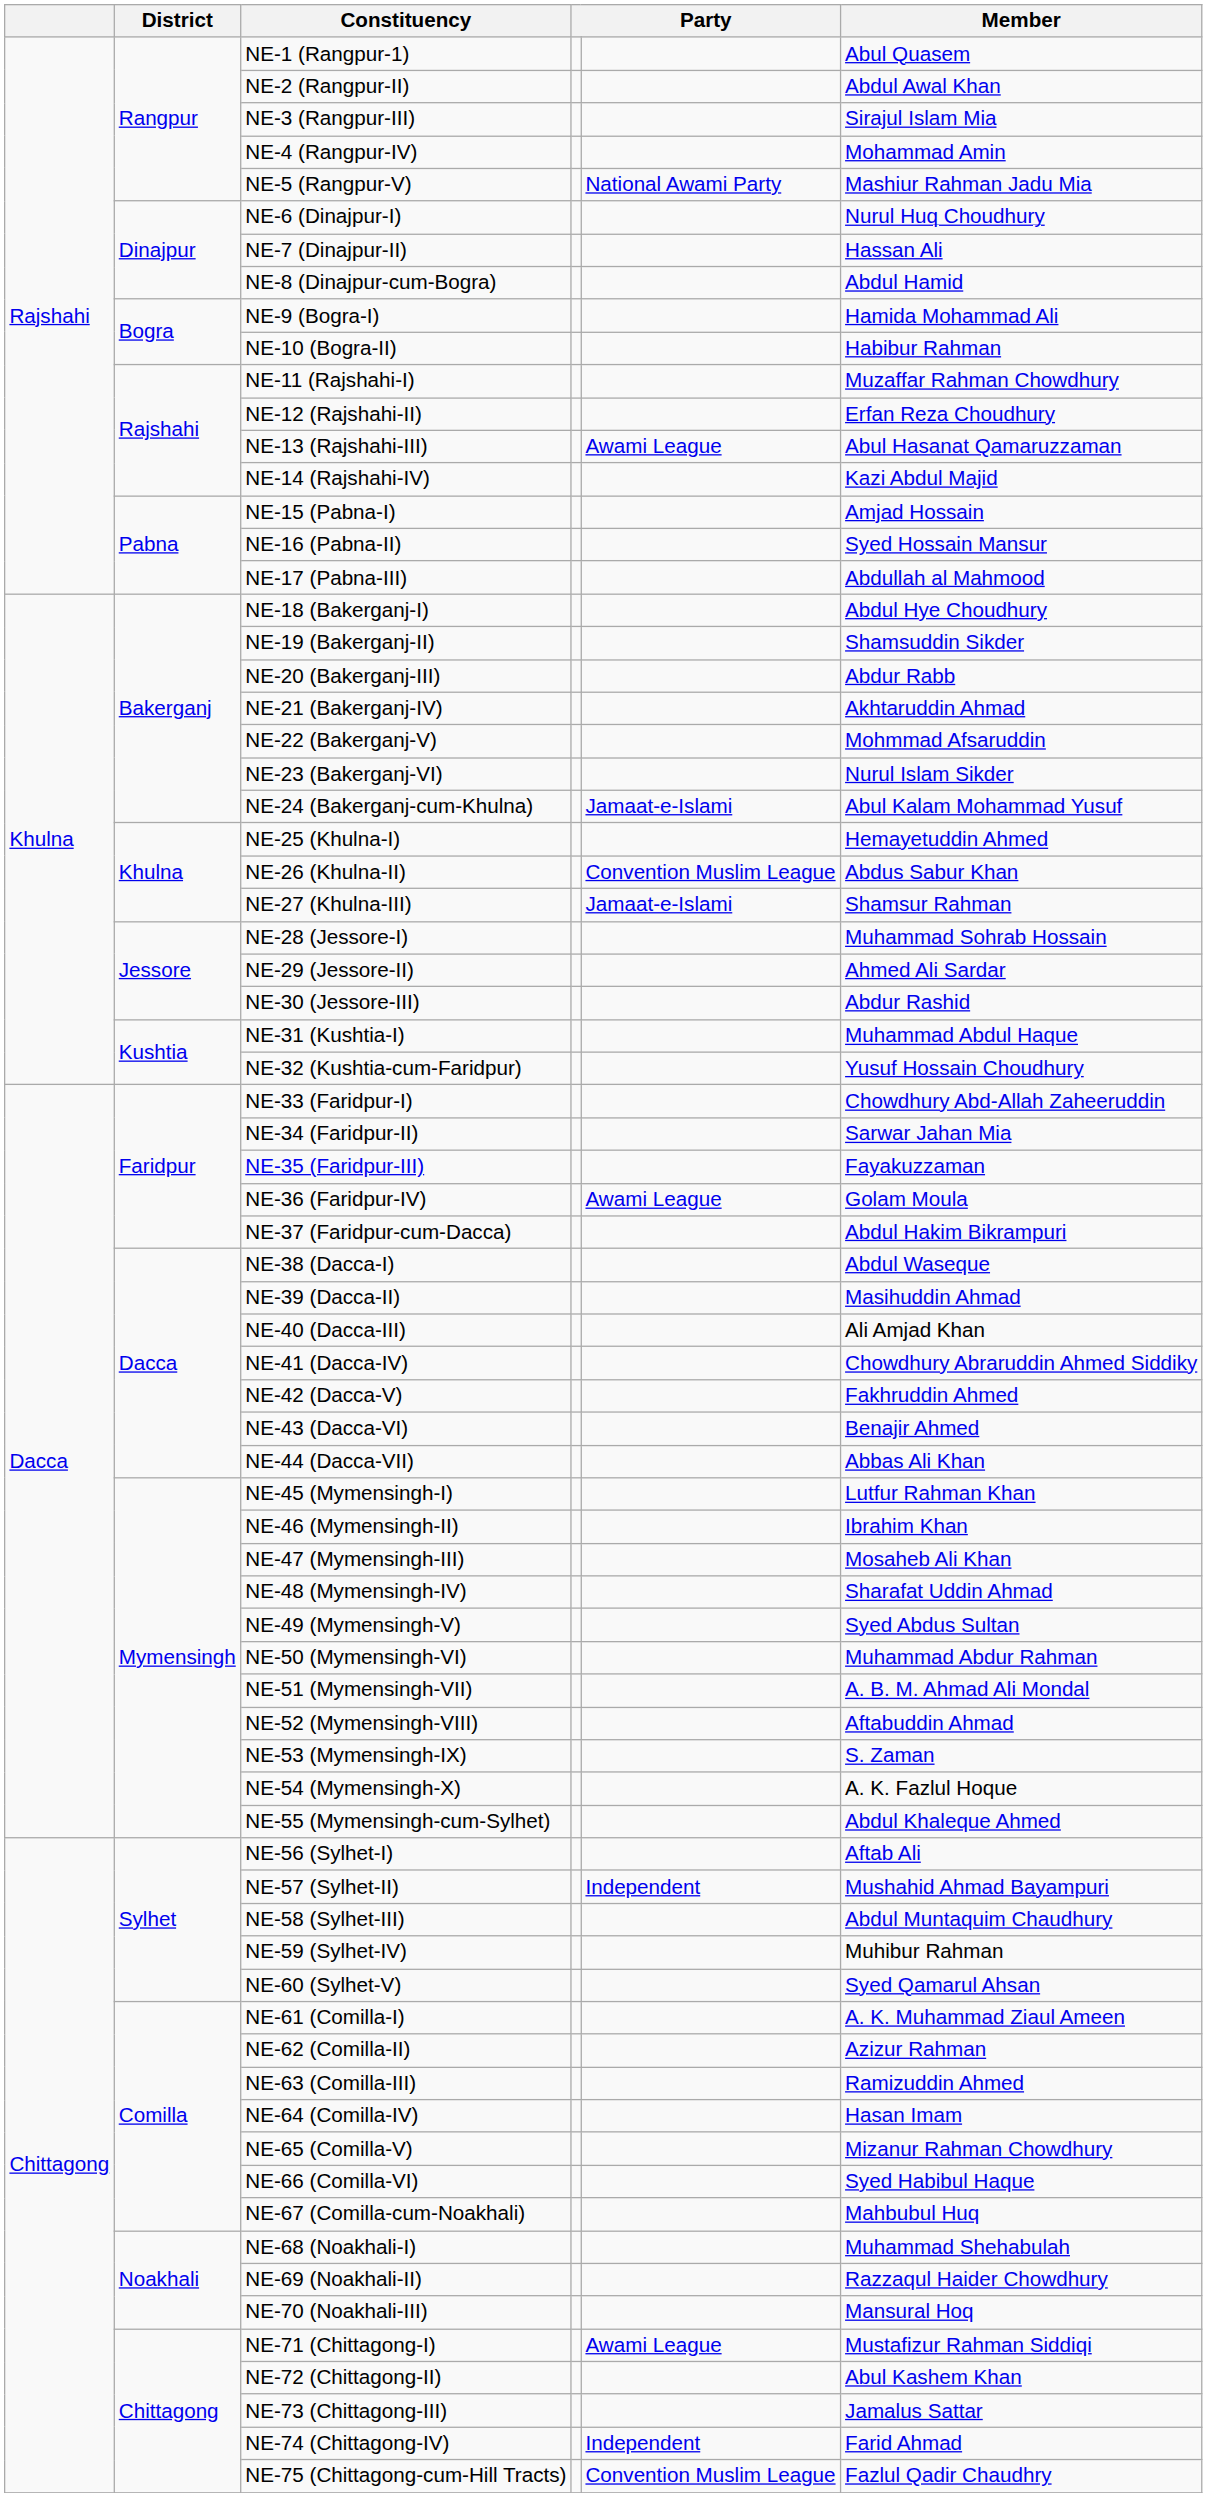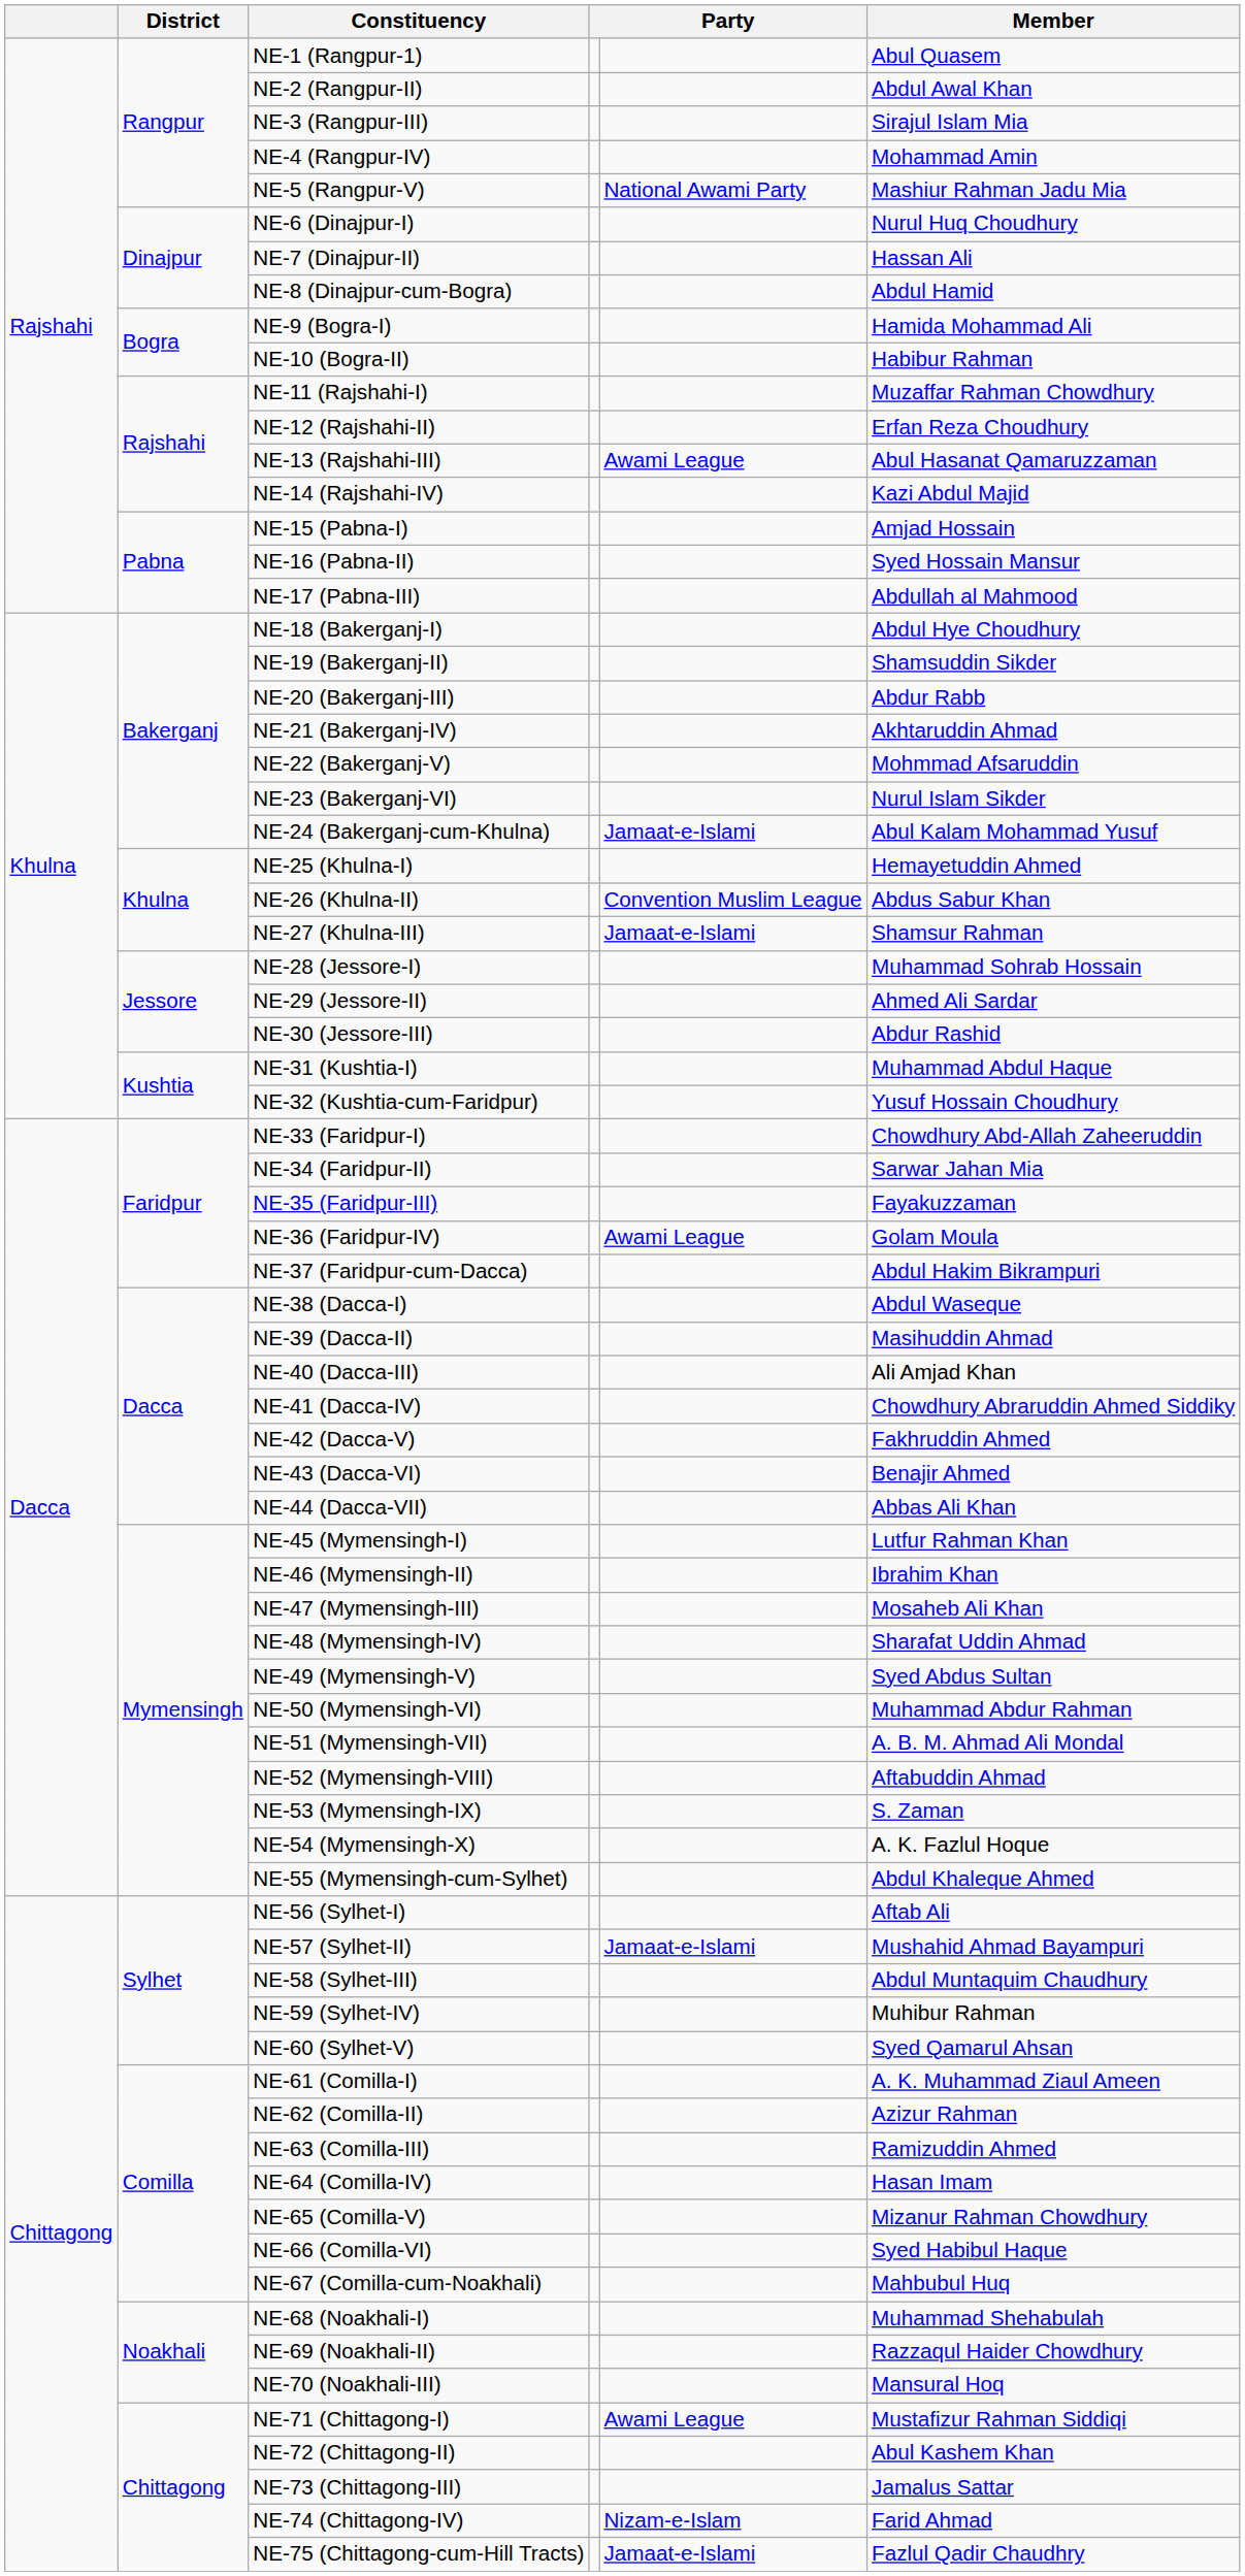 <table class="wikitable sortable">
 <tr>
 <th></th>
 <th>District</th>
 <th>Constituency</th>
 <th colspan="2">Party</th>
 <th>Member</th>
 </tr>
 <tr>
 <td rowspan="17"><a href='#'>Rajshahi</a></td>
 <td rowspan="5"><a href='#'>Rangpur</a></td>
 <td>NE-1 (Rangpur-1)</td>
 <td></td>
 <td></td>
 <td><a href='#'>Abul Quasem</a></td>
 </tr>
 <tr>
 <td>NE-2 (Rangpur-II)</td>
 <td></td>
 <td></td>
 <td><a href='#'>Abdul Awal Khan</a></td>
 </tr>
 <tr>
 <td>NE-3 (Rangpur-III)</td>
 <td></td>
 <td></td>
 <td><a href='#'>Sirajul Islam Mia</a></td>
 </tr>
 <tr>
 <td>NE-4 (Rangpur-IV)</td>
 <td></td>
 <td></td>
 <td><a href='#'>Mohammad Amin</a></td>
 </tr>
 <tr>
 <td>NE-5 (Rangpur-V)</td>
 <td></td>
 <td><a href='#'>National Awami Party</a></td>
 <td><a href='#'>Mashiur Rahman Jadu Mia</a></td>
 </tr>
 <tr>
 <td rowspan="3"><a href='#'>Dinajpur</a></td>
 <td>NE-6 (Dinajpur-I)</td>
 <td></td>
 <td></td>
 <td><a href='#'>Nurul Huq Choudhury</a></td>
 </tr>
 <tr>
 <td>NE-7 (Dinajpur-II)</td>
 <td></td>
 <td></td>
 <td><a href='#'>Hassan Ali</a></td>
 </tr>
 <tr>
 <td>NE-8 (Dinajpur-cum-Bogra)</td>
 <td></td>
 <td></td>
 <td><a href='#'>Abdul Hamid</a></td>
 </tr>
 <tr>
 <td rowspan="2"><a href='#'>Bogra</a></td>
 <td>NE-9 (Bogra-I)</td>
 <td></td>
 <td></td>
 <td><a href='#'>Hamida Mohammad Ali</a></td>
 </tr>
 <tr>
 <td>NE-10 (Bogra-II)</td>
 <td></td>
 <td></td>
 <td><a href='#'>Habibur Rahman</a></td>
 </tr>
 <tr>
 <td rowspan="4"><a href='#'>Rajshahi</a></td>
 <td>NE-11 (Rajshahi-I)</td>
 <td></td>
 <td></td>
 <td><a href='#'>Muzaffar Rahman Chowdhury</a></td>
 </tr>
 <tr>
 <td>NE-12 (Rajshahi-II)</td>
 <td></td>
 <td></td>
 <td><a href='#'>Erfan Reza Choudhury</a></td>
 </tr>
 <tr>
 <td>NE-13 (Rajshahi-III)</td>
 <td></td>
 <td><a href='#'>Awami League</a></td>
 <td><a href='#'>Abul Hasanat Qamaruzzaman</a></td>
 </tr>
 <tr>
 <td>NE-14 (Rajshahi-IV)</td>
 <td></td>
 <td></td>
 <td><a href='#'>Kazi Abdul Majid</a></td>
 </tr>
 <tr>
 <td rowspan="3"><a href='#'>Pabna</a></td>
 <td>NE-15 (Pabna-I)</td>
 <td></td>
 <td></td>
 <td><a href='#'>Amjad Hossain</a></td>
 </tr>
 <tr>
 <td>NE-16 (Pabna-II)</td>
 <td></td>
 <td></td>
 <td><a href='#'>Syed Hossain Mansur</a></td>
 </tr>
 <tr>
 <td>NE-17 (Pabna-III)</td>
 <td></td>
 <td></td>
 <td><a href='#'>Abdullah al Mahmood</a></td>
 </tr>
 <tr>
 <td rowspan="15"><a href='#'>Khulna</a></td>
 <td rowspan="7"><a href='#'>Bakerganj</a></td>
 <td>NE-18 (Bakerganj-I)</td>
 <td></td>
 <td></td>
 <td><a href='#'>Abdul Hye Choudhury</a></td>
 </tr>
 <tr>
 <td>NE-19 (Bakerganj-II)</td>
 <td></td>
 <td></td>
 <td><a href='#'>Shamsuddin Sikder</a></td>
 </tr>
 <tr>
 <td>NE-20 (Bakerganj-III)</td>
 <td></td>
 <td></td>
 <td><a href='#'>Abdur Rabb</a></td>
 </tr>
 <tr>
 <td>NE-21 (Bakerganj-IV)</td>
 <td></td>
 <td></td>
 <td><a href='#'>Akhtaruddin Ahmad</a></td>
 </tr>
 <tr>
 <td>NE-22 (Bakerganj-V)</td>
 <td></td>
 <td></td>
 <td><a href='#'>Mohmmad Afsaruddin</a></td>
 </tr>
 <tr>
 <td>NE-23 (Bakerganj-VI)</td>
 <td></td>
 <td></td>
 <td><a href='#'>Nurul Islam Sikder</a></td>
 </tr>
 <tr>
 <td>NE-24 (Bakerganj-cum-Khulna)</td>
 <td></td>
 <td><a href='#'>Jamaat-e-Islami</a></td>
 <td><a href='#'>Abul Kalam Mohammad Yusuf</a></td>
 </tr>
 <tr>
 <td rowspan="3"><a href='#'>Khulna</a></td>
 <td>NE-25 (Khulna-I)</td>
 <td></td>
 <td></td>
 <td><a href='#'>Hemayetuddin Ahmed</a></td>
 </tr>
 <tr>
 <td>NE-26 (Khulna-II)</td>
 <td></td>
 <td><a href='#'>Convention Muslim League</a></td>
 <td><a href='#'>Abdus Sabur Khan</a></td>
 </tr>
 <tr>
 <td>NE-27 (Khulna-III)</td>
 <td></td>
 <td><a href='#'>Jamaat-e-Islami</a></td>
 <td><a href='#'>Shamsur Rahman</a></td>
 </tr>
 <tr>
 <td rowspan="3"><a href='#'>Jessore</a></td>
 <td>NE-28 (Jessore-I)</td>
 <td></td>
 <td></td>
 <td><a href='#'>Muhammad Sohrab Hossain</a></td>
 </tr>
 <tr>
 <td>NE-29 (Jessore-II)</td>
 <td></td>
 <td></td>
 <td><a href='#'>Ahmed Ali Sardar</a></td>
 </tr>
 <tr>
 <td>NE-30 (Jessore-III)</td>
 <td></td>
 <td></td>
 <td><a href='#'>Abdur Rashid</a></td>
 </tr>
 <tr>
 <td rowspan="2"><a href='#'>Kushtia</a></td>
 <td>NE-31 (Kushtia-I)</td>
 <td></td>
 <td></td>
 <td><a href='#'>Muhammad Abdul Haque</a></td>
 </tr>
 <tr>
 <td>NE-32 (Kushtia-cum-Faridpur)</td>
 <td></td>
 <td></td>
 <td><a href='#'>Yusuf Hossain Choudhury</a></td>
 </tr>
 <tr>
 <td rowspan="23"><a href='#'>Dacca</a></td>
 <td rowspan="5"><a href='#'>Faridpur</a></td>
 <td>NE-33 (Faridpur-I)</td>
 <td></td>
 <td></td>
 <td><a href='#'>Chowdhury Abd-Allah Zaheeruddin</a></td>
 </tr>
 <tr>
 <td>NE-34 (Faridpur-II)</td>
 <td></td>
 <td></td>
 <td><a href='#'>Sarwar Jahan Mia</a></td>
 </tr>
 <tr>
 <td><a href='#'>NE-35 (Faridpur-III)</a></td>
 <td></td>
 <td></td>
 <td><a href='#'>Fayakuzzaman</a></td>
 </tr>
 <tr>
 <td>NE-36 (Faridpur-IV)</td>
 <td></td>
 <td><a href='#'>Awami League</a></td>
 <td><a href='#'>Golam Moula</a></td>
 </tr>
 <tr>
 <td>NE-37 (Faridpur-cum-Dacca)</td>
 <td></td>
 <td></td>
 <td><a href='#'>Abdul Hakim Bikrampuri</a></td>
 </tr>
 <tr>
 <td rowspan="7"><a href='#'>Dacca</a></td>
 <td>NE-38 (Dacca-I)</td>
 <td></td>
 <td></td>
 <td><a href='#'>Abdul Waseque</a></td>
 </tr>
 <tr>
 <td>NE-39 (Dacca-II)</td>
 <td></td>
 <td></td>
 <td><a href='#'>Masihuddin Ahmad</a></td>
 </tr>
 <tr>
 <td>NE-40 (Dacca-III)</td>
 <td></td>
 <td></td>
 <td>Ali Amjad Khan</td>
 </tr>
 <tr>
 <td>NE-41 (Dacca-IV)</td>
 <td></td>
 <td></td>
 <td><a href='#'>Chowdhury Abraruddin Ahmed Siddiky</a></td>
 </tr>
 <tr>
 <td>NE-42 (Dacca-V)</td>
 <td></td>
 <td></td>
 <td><a href='#'>Fakhruddin Ahmed</a></td>
 </tr>
 <tr>
 <td>NE-43 (Dacca-VI)</td>
 <td></td>
 <td></td>
 <td><a href='#'>Benajir Ahmed</a></td>
 </tr>
 <tr>
 <td>NE-44 (Dacca-VII)</td>
 <td></td>
 <td></td>
 <td><a href='#'>Abbas Ali Khan</a></td>
 </tr>
 <tr>
 <td rowspan="11"><a href='#'>Mymensingh</a></td>
 <td>NE-45 (Mymensingh-I)</td>
 <td></td>
 <td></td>
 <td><a href='#'>Lutfur Rahman Khan</a></td>
 </tr>
 <tr>
 <td>NE-46 (Mymensingh-II)</td>
 <td></td>
 <td></td>
 <td><a href='#'>Ibrahim Khan</a></td>
 </tr>
 <tr>
 <td>NE-47 (Mymensingh-III)</td>
 <td></td>
 <td></td>
 <td><a href='#'>Mosaheb Ali Khan</a></td>
 </tr>
 <tr>
 <td>NE-48 (Mymensingh-IV)</td>
 <td></td>
 <td></td>
 <td><a href='#'>Sharafat Uddin Ahmad</a></td>
 </tr>
 <tr>
 <td>NE-49 (Mymensingh-V)</td>
 <td></td>
 <td></td>
 <td><a href='#'>Syed Abdus Sultan</a></td>
 </tr>
 <tr>
 <td>NE-50 (Mymensingh-VI)</td>
 <td></td>
 <td></td>
 <td><a href='#'>Muhammad Abdur Rahman</a></td>
 </tr>
 <tr>
 <td>NE-51 (Mymensingh-VII)</td>
 <td></td>
 <td></td>
 <td><a href='#'>A. B. M. Ahmad Ali Mondal</a></td>
 </tr>
 <tr>
 <td>NE-52 (Mymensingh-VIII)</td>
 <td></td>
 <td></td>
 <td><a href='#'>Aftabuddin Ahmad</a></td>
 </tr>
 <tr>
 <td>NE-53 (Mymensingh-IX)</td>
 <td></td>
 <td></td>
 <td><a href='#'>S. Zaman</a></td>
 </tr>
 <tr>
 <td>NE-54 (Mymensingh-X)</td>
 <td></td>
 <td></td>
 <td>A. K. Fazlul Hoque</td>
 </tr>
 <tr>
 <td>NE-55 (Mymensingh-cum-Sylhet)</td>
 <td></td>
 <td></td>
 <td><a href='#'>Abdul Khaleque Ahmed</a></td>
 </tr>
 <tr>
 <td rowspan="20"><a href='#'>Chittagong</a></td>
 <td rowspan="5"><a href='#'>Sylhet</a></td>
 <td>NE-56 (Sylhet-I)</td>
 <td></td>
 <td></td>
 <td><a href='#'>Aftab Ali</a></td>
 </tr>
 <tr>
 <td>NE-57 (Sylhet-II)</td>
 <td></td>
-<td><a href='#'>Independent</a></td>
+<td><a href='#'>Jamaat-e-Islami</a></td>
 <td><a href='#'>Mushahid Ahmad Bayampuri</a></td>
 </tr>
 <tr>
 <td>NE-58 (Sylhet-III)</td>
 <td></td>
 <td></td>
 <td><a href='#'>Abdul Muntaquim Chaudhury</a></td>
 </tr>
 <tr>
 <td>NE-59 (Sylhet-IV)</td>
 <td></td>
 <td></td>
 <td>Muhibur Rahman</td>
 </tr>
 <tr>
 <td>NE-60 (Sylhet-V)</td>
 <td></td>
 <td></td>
 <td><a href='#'>Syed Qamarul Ahsan</a></td>
 </tr>
 <tr>
 <td rowspan="7"><a href='#'>Comilla</a></td>
 <td>NE-61 (Comilla-I)</td>
 <td></td>
 <td></td>
 <td><a href='#'>A. K. Muhammad Ziaul Ameen</a></td>
 </tr>
 <tr>
 <td>NE-62 (Comilla-II)</td>
 <td></td>
 <td></td>
 <td><a href='#'>Azizur Rahman</a></td>
 </tr>
 <tr>
 <td>NE-63 (Comilla-III)</td>
 <td></td>
 <td></td>
 <td><a href='#'>Ramizuddin Ahmed</a></td>
 </tr>
 <tr>
 <td>NE-64 (Comilla-IV)</td>
 <td></td>
 <td></td>
 <td><a href='#'>Hasan Imam</a></td>
 </tr>
 <tr>
 <td>NE-65 (Comilla-V)</td>
 <td></td>
 <td></td>
 <td><a href='#'>Mizanur Rahman Chowdhury</a></td>
 </tr>
 <tr>
 <td>NE-66 (Comilla-VI)</td>
 <td></td>
 <td></td>
 <td><a href='#'>Syed Habibul Haque</a></td>
 </tr>
 <tr>
 <td>NE-67 (Comilla-cum-Noakhali)</td>
 <td></td>
 <td></td>
 <td><a href='#'>Mahbubul Huq</a></td>
 </tr>
 <tr>
 <td rowspan="3"><a href='#'>Noakhali</a></td>
 <td>NE-68 (Noakhali-I)</td>
 <td></td>
 <td></td>
 <td><a href='#'>Muhammad Shehabulah</a></td>
 </tr>
 <tr>
 <td>NE-69 (Noakhali-II)</td>
 <td></td>
 <td></td>
 <td><a href='#'>Razzaqul Haider Chowdhury</a></td>
 </tr>
 <tr>
 <td>NE-70 (Noakhali-III)</td>
 <td></td>
 <td></td>
 <td><a href='#'>Mansural Hoq</a></td>
 </tr>
 <tr>
 <td rowspan="5"><a href='#'>Chittagong</a></td>
 <td>NE-71 (Chittagong-I)</td>
 <td></td>
 <td><a href='#'>Awami League</a></td>
 <td><a href='#'>Mustafizur Rahman Siddiqi</a></td>
 </tr>
 <tr>
 <td>NE-72 (Chittagong-II)</td>
 <td></td>
 <td></td>
 <td><a href='#'>Abul Kashem Khan</a></td>
 </tr>
 <tr>
 <td>NE-73 (Chittagong-III)</td>
 <td></td>
 <td></td>
 <td><a href='#'>Jamalus Sattar</a></td>
 </tr>
 <tr>
 <td>NE-74 (Chittagong-IV)</td>
 <td></td>
-<td><a href='#'>Independent</a></td>
+<td><a href='#'>Nizam-e-Islam</a></td>
 <td><a href='#'>Farid Ahmad</a></td>
 </tr>
 <tr>
 <td>NE-75 (Chittagong-cum-Hill Tracts)</td>
 <td></td>
-<td><a href='#'>Convention Muslim League</a></td>
+<td><a href='#'>Jamaat-e-Islami</a></td>
 <td><a href='#'>Fazlul Qadir Chaudhry</a></td>
 </tr>
 <tr>
 </tr>
 </table>
